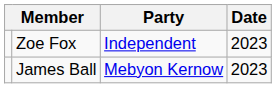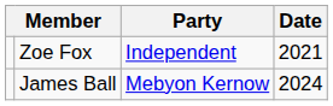 <table class="wikitable">
 <tr>
 <th colspan="2">Member</th>
 <th>Party</th>
 <th>Date</th>
 </tr>
 <tr>
 <td style="background-color:"></td>
 <td>Zoe Fox</td>
 <td><a href='#'>Independent</a></td>
-<td>2023</td>
+<td>2021</td>
 </tr>
 <tr>
 <td></td>
 <td>James Ball</td>
 <td><a href='#'>Mebyon Kernow</a></td>
-<td>2023</td>
+<td>2024</td>
 </tr>
 </table>
